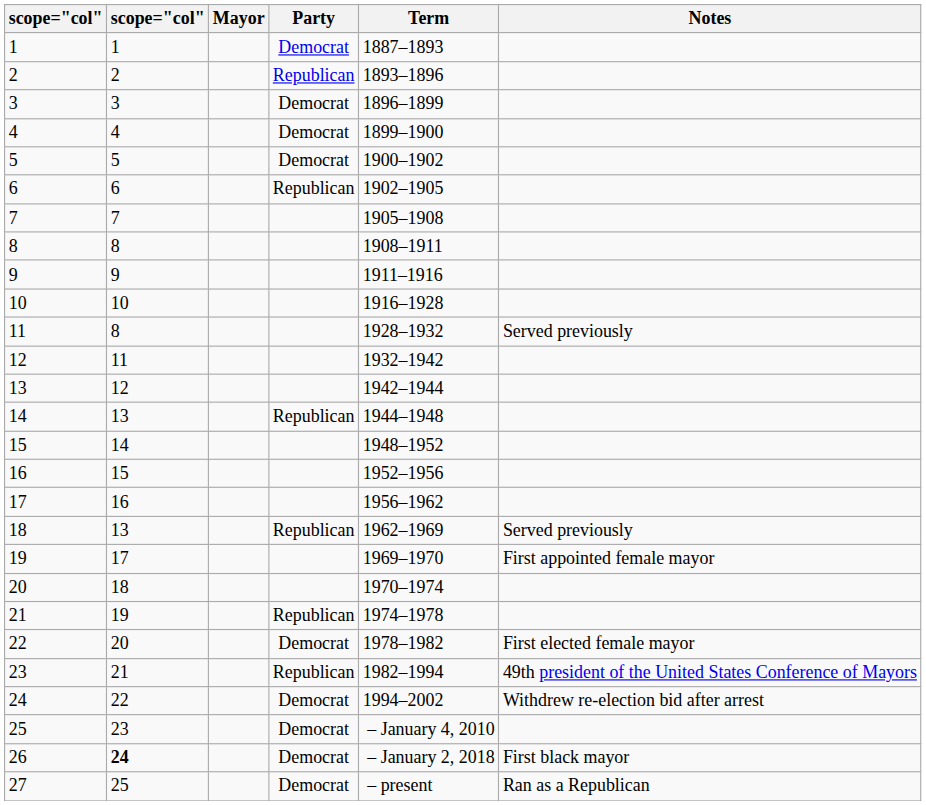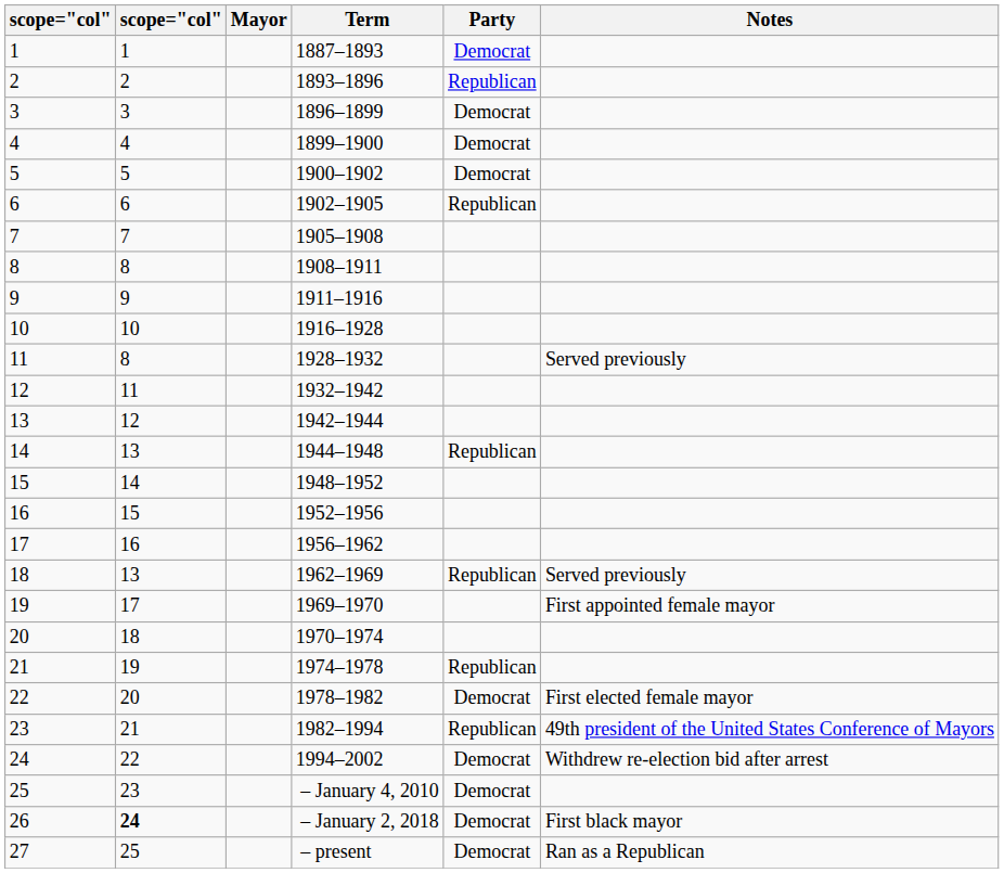 <table class="wikitable sortable sticky-header">
 <tr>
 <th>scope="col" </th>
 <th>scope="col" </th>
 <th>Mayor</th>
+<th>Term</th>
 <th>Party</th>
-<th>Term</th>
 <th scope="col" class="unsortable">Notes</th>
 </tr>
 <tr>
 <td>1</td>
 <td>1</td>
 <td></td>
+<td>1887–1893</td>
 <td align="center" ><a href='#'>Democrat</a></td>
-<td>1887–1893</td>
 <td></td>
 </tr>
 <tr>
 <td>2</td>
 <td>2</td>
 <td></td>
+<td>1893–1896</td>
 <td align="center" ><a href='#'>Republican</a></td>
-<td>1893–1896</td>
 <td></td>
 </tr>
 <tr>
 <td>3</td>
 <td>3</td>
 <td></td>
+<td>1896–1899</td>
 <td align="center" >Democrat</td>
-<td>1896–1899</td>
 <td></td>
 </tr>
 <tr>
 <td>4</td>
 <td>4</td>
 <td></td>
+<td>1899–1900</td>
 <td align="center" >Democrat</td>
-<td>1899–1900</td>
 <td></td>
 </tr>
 <tr>
 <td>5</td>
 <td>5</td>
 <td></td>
+<td>1900–1902</td>
 <td align="center" >Democrat</td>
-<td>1900–1902</td>
 <td></td>
 </tr>
 <tr>
 <td>6</td>
 <td>6</td>
 <td></td>
+<td>1902–1905</td>
 <td align="center" >Republican</td>
-<td>1902–1905</td>
 <td></td>
 </tr>
 <tr>
 <td>7</td>
 <td>7</td>
 <td></td>
+<td>1905–1908</td>
 <td></td>
-<td>1905–1908</td>
 <td></td>
 </tr>
 <tr>
 <td>8</td>
 <td>8</td>
 <td></td>
+<td>1908–1911</td>
 <td></td>
-<td>1908–1911</td>
 <td></td>
 </tr>
 <tr>
 <td>9</td>
 <td>9</td>
 <td></td>
+<td>1911–1916</td>
 <td></td>
-<td>1911–1916</td>
 <td></td>
 </tr>
 <tr>
 <td>10</td>
 <td>10</td>
 <td></td>
+<td>1916–1928</td>
 <td></td>
-<td>1916–1928</td>
 <td></td>
 </tr>
 <tr>
 <td>11</td>
 <td>8</td>
 <td></td>
+<td>1928–1932</td>
 <td></td>
-<td>1928–1932</td>
 <td>Served previously</td>
 </tr>
 <tr>
 <td>12</td>
 <td>11</td>
 <td></td>
+<td>1932–1942</td>
 <td></td>
-<td>1932–1942</td>
 <td></td>
 </tr>
 <tr>
 <td>13</td>
 <td>12</td>
 <td></td>
+<td>1942–1944</td>
 <td></td>
-<td>1942–1944</td>
 <td></td>
 </tr>
 <tr>
 <td>14</td>
 <td>13</td>
 <td></td>
+<td>1944–1948</td>
 <td align="center" >Republican</td>
-<td>1944–1948</td>
 <td></td>
 </tr>
 <tr>
 <td>15</td>
 <td>14</td>
 <td></td>
+<td>1948–1952</td>
 <td></td>
-<td>1948–1952</td>
 <td></td>
 </tr>
 <tr>
 <td>16</td>
 <td>15</td>
 <td></td>
+<td>1952–1956</td>
 <td></td>
-<td>1952–1956</td>
 <td></td>
 </tr>
 <tr>
 <td>17</td>
 <td>16</td>
 <td></td>
+<td>1956–1962</td>
 <td></td>
-<td>1956–1962</td>
 <td></td>
 </tr>
 <tr>
 <td>18</td>
 <td>13</td>
 <td></td>
+<td>1962–1969</td>
 <td align="center" >Republican</td>
-<td>1962–1969</td>
 <td>Served previously</td>
 </tr>
 <tr>
 <td>19</td>
 <td>17</td>
 <td></td>
+<td>1969–1970</td>
 <td></td>
-<td>1969–1970</td>
 <td>First appointed female mayor</td>
 </tr>
 <tr>
 <td>20</td>
 <td>18</td>
 <td></td>
+<td>1970–1974</td>
 <td></td>
-<td>1970–1974</td>
 <td></td>
 </tr>
 <tr>
 <td>21</td>
 <td>19</td>
 <td></td>
+<td>1974–1978</td>
 <td align="center" >Republican</td>
-<td>1974–1978</td>
 <td></td>
 </tr>
 <tr>
 <td>22</td>
 <td>20</td>
 <td></td>
+<td>1978–1982</td>
 <td align="center" >Democrat</td>
-<td>1978–1982</td>
 <td>First elected female mayor</td>
 </tr>
 <tr>
 <td>23</td>
 <td>21</td>
 <td></td>
+<td>1982–1994</td>
 <td align="center" >Republican</td>
-<td>1982–1994</td>
 <td>49th <a href='#'>president of the United States Conference of Mayors</a></td>
 </tr>
 <tr>
 <td>24</td>
 <td>22</td>
 <td></td>
+<td>1994–2002</td>
 <td align="center" >Democrat</td>
-<td>1994–2002</td>
 <td>Withdrew re-election bid after arrest</td>
 </tr>
 <tr>
 <td>25</td>
 <td>23</td>
 <td></td>
+<td> – January 4, 2010</td>
 <td align="center" >Democrat</td>
-<td> – January 4, 2010</td>
 <td></td>
 </tr>
 <tr>
 <td>26</td>
 <td><strong>24</strong></td>
 <td></td>
+<td> – January 2, 2018</td>
 <td align="center" >Democrat</td>
-<td> – January 2, 2018</td>
 <td>First black mayor</td>
 </tr>
 <tr>
 <td>27</td>
 <td>25</td>
 <td></td>
+<td> – present</td>
 <td align="center" >Democrat</td>
-<td> – present</td>
 <td>Ran as a Republican</td>
 </tr>
 </table>
